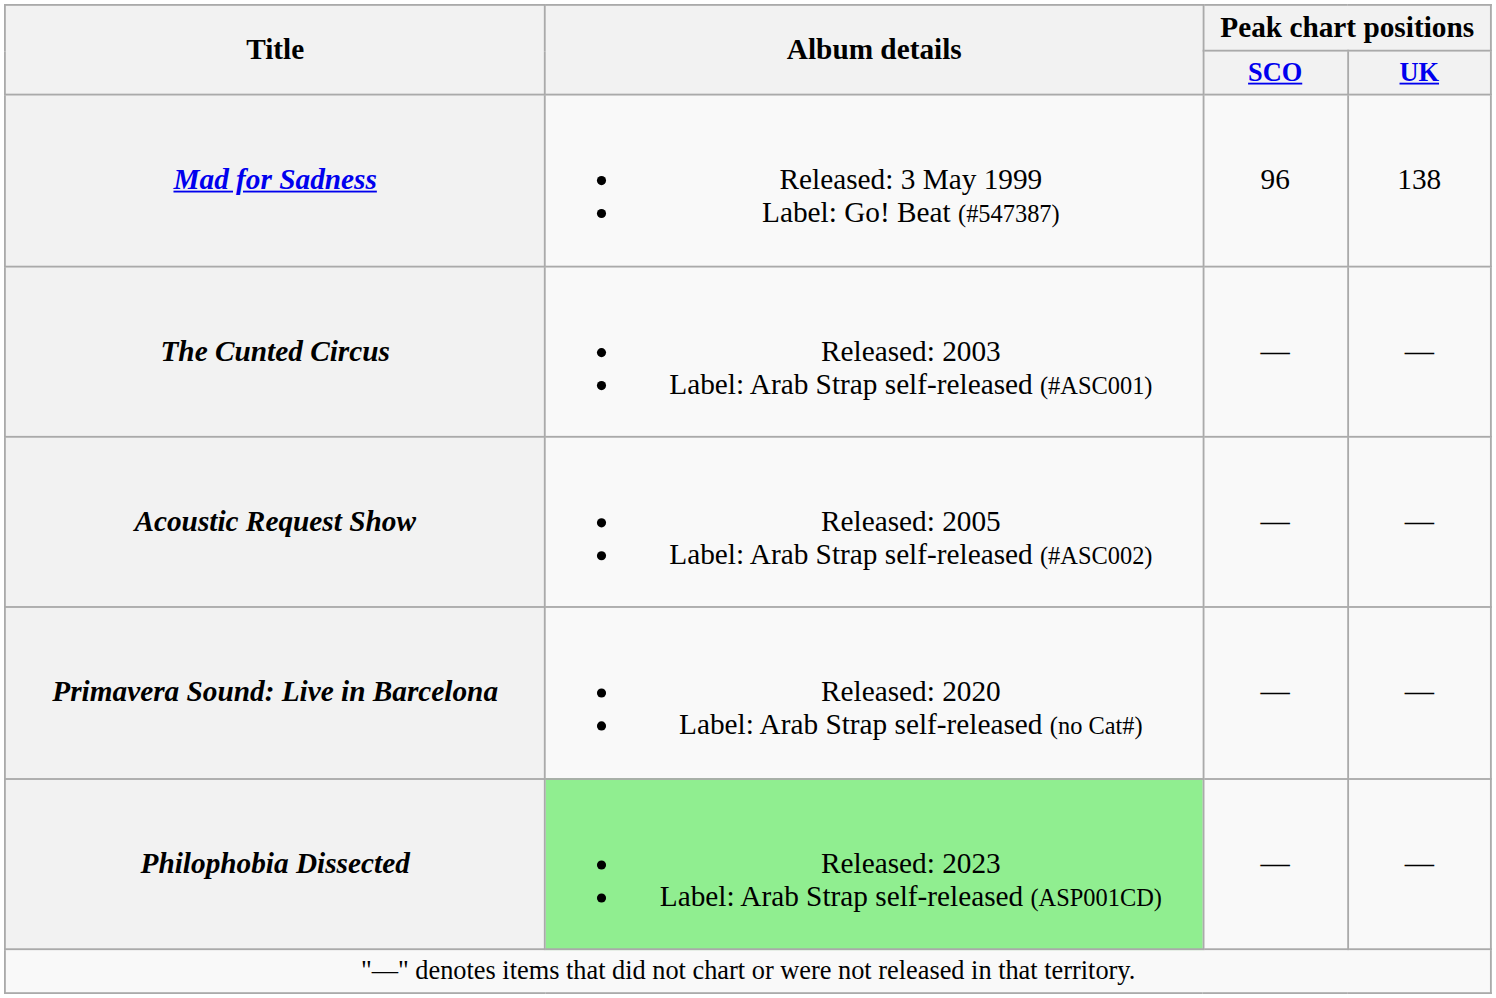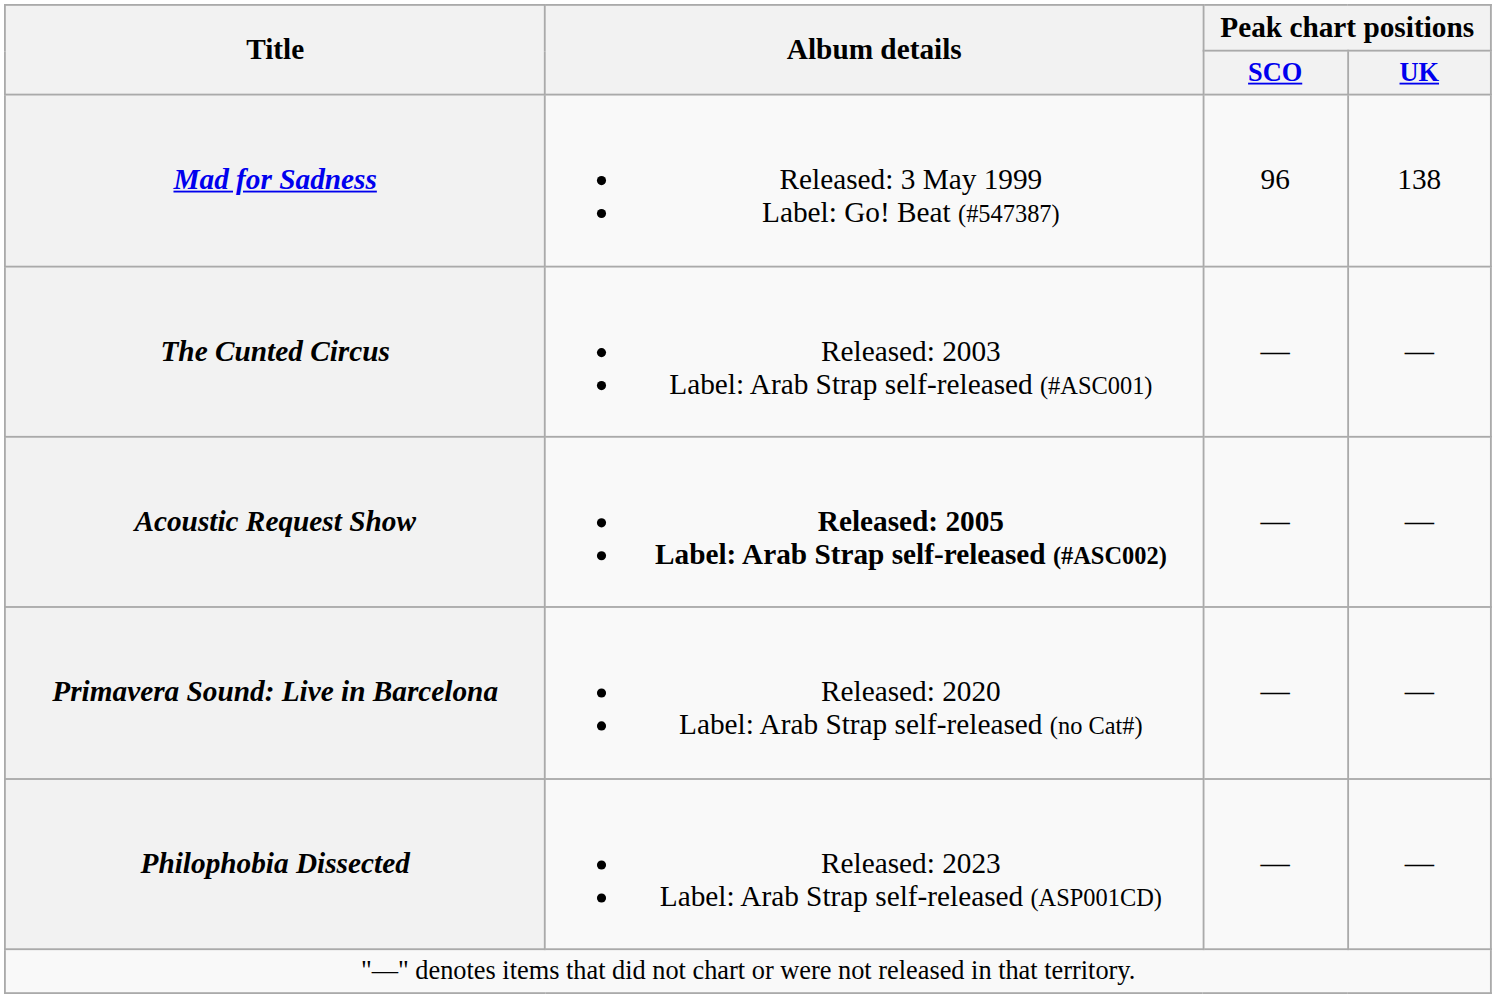 <table class="wikitable plainrowheaders" style="text-align:center;">
 <tr>
 <th scope="col" rowspan="2" style="width:18em;">Title</th>
 <th scope="col" rowspan="2" style="width:22em;">Album details</th>
 <th scope="col" colspan="3">Peak chart positions</th>
 </tr>
 <tr>
 <th style="width:5em;font-size:90%;"><a href='#'>SCO</a><br></th>
 <th style="width:5em;font-size:90%;"><a href='#'>UK</a><br></th>
 </tr>
 <tr>
 <th scope="row"><em><a href='#'>Mad for Sadness</a></em></th>
 <td><br><ul><li>Released: 3 May 1999</li><li>Label: Go! Beat <small>(#547387)</small></li></ul></td>
 <td>96</td>
 <td>138</td>
 </tr>
 <tr>
 <th scope="row"><em>The Cunted Circus</em></th>
 <td><br><ul><li>Released: 2003</li><li>Label: Arab Strap self-released <small>(#ASC001)</small></li></ul></td>
 <td>—</td>
 <td>—</td>
 </tr>
 <tr>
 <th scope="row"><em>Acoustic Request Show</em></th>
-<td><br><ul><li>Released: 2005</li><li>Label: Arab Strap self-released <small>(#ASC002)</small></li></ul></td>
+<td><strong><br><ul><li>Released: 2005</li><li>Label: Arab Strap self-released <small>(#ASC002)</small></li></ul></strong></td>
 <td>—</td>
 <td>—</td>
 </tr>
 <tr>
 <th scope="row"><em>Primavera Sound: Live in Barcelona</em></th>
 <td><br><ul><li>Released: 2020</li><li>Label: Arab Strap self-released <small>(no Cat#)</small></li></ul></td>
 <td>—</td>
 <td>—</td>
 </tr>
 <tr>
 <th scope="row"><em>Philophobia Dissected</em></th>
-<td style="background: lightgreen;"><br><ul><li>Released: 2023</li><li>Label: Arab Strap self-released <small>(ASP001CD)</small></li></ul></td>
+<td><br><ul><li>Released: 2023</li><li>Label: Arab Strap self-released <small>(ASP001CD)</small></li></ul></td>
 <td>—</td>
 <td>—</td>
 </tr>
 <tr>
 <td align="center" colspan="15" style="font-size:90%">"—" denotes items that did not chart or were not released in that territory.</td>
 </tr>
 </table>
